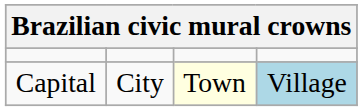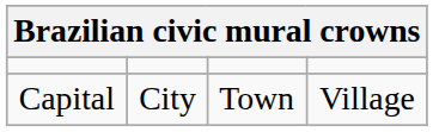 <table class="wikitable" style="margin:1em auto;">
 <tr>
 <th colspan=8>Brazilian civic mural crowns</th>
 </tr>
 <tr>
 <td align=center></td>
 <td align=center></td>
 <td align=center></td>
 <td align=center></td>
 </tr>
 <tr>
 <td align=center>Capital</td>
 <td align=center>City</td>
-<td align=center style="background: lightyellow;">Town</td>
-<td align=center style="background: lightblue;">Village</td>
+<td align=center>Town</td>
+<td align=center>Village</td>
 </tr>
 </table>
